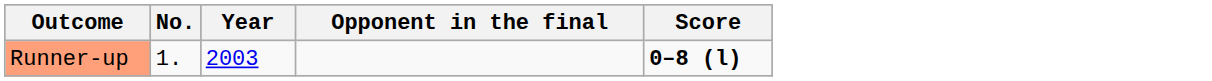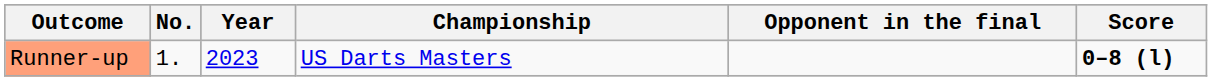 <table class="sortable wikitable">
 <tr>
 <th style="width:80px;">Outcome</th>
 <th style="width:20px;">No.</th>
 <th style="width:50px;">Year</th>
+<th style="width:250px;">Championship</th>
 <th style="width:200px;">Opponent in the final</th>
 <th style="width:70px;">Score</th>
 </tr>
 <tr style=>
 <td style="background:#ffa07a">Runner-up</td>
 <td>1.</td>
-<td><a href='#'>2003</a></td>
+<td><a href='#'>2023</a></td>
+<td><a href='#'>US Darts Masters</a></td>
 <td></td>
 <td><strong>0–8 (l)</strong></td>
 </tr>
 </table>
